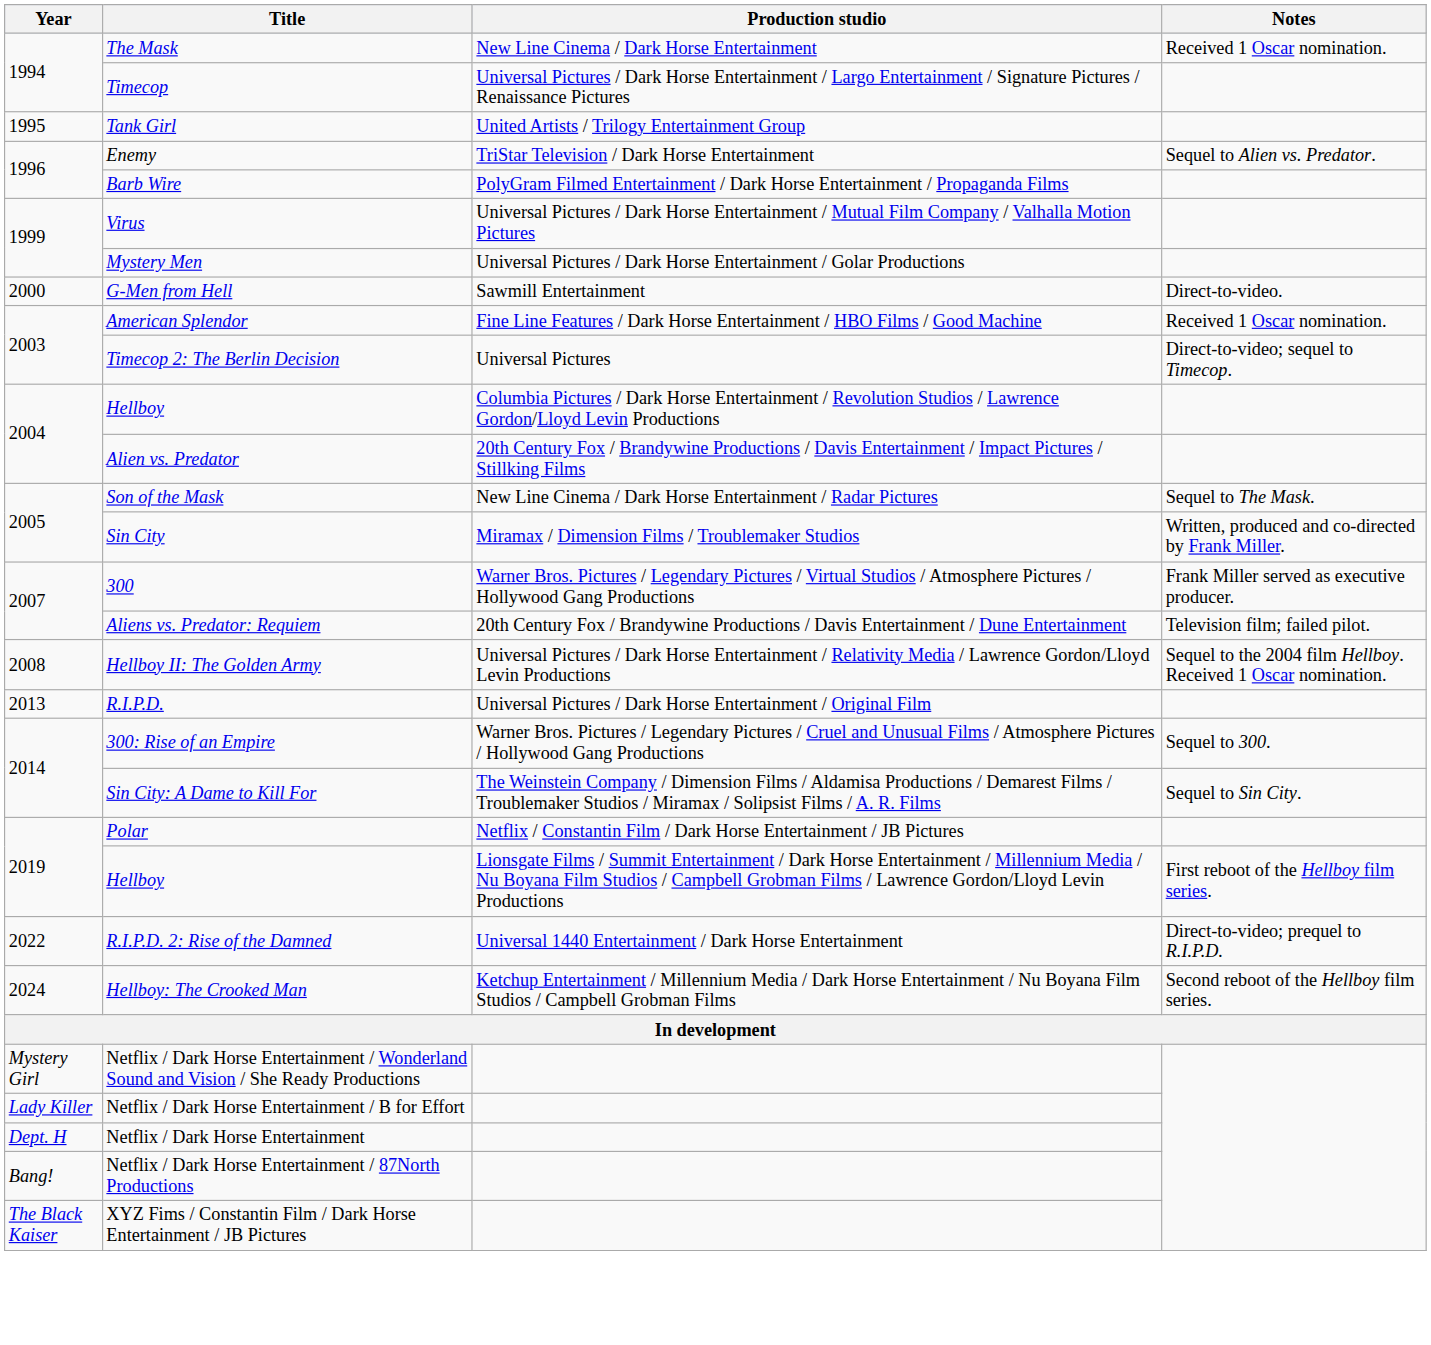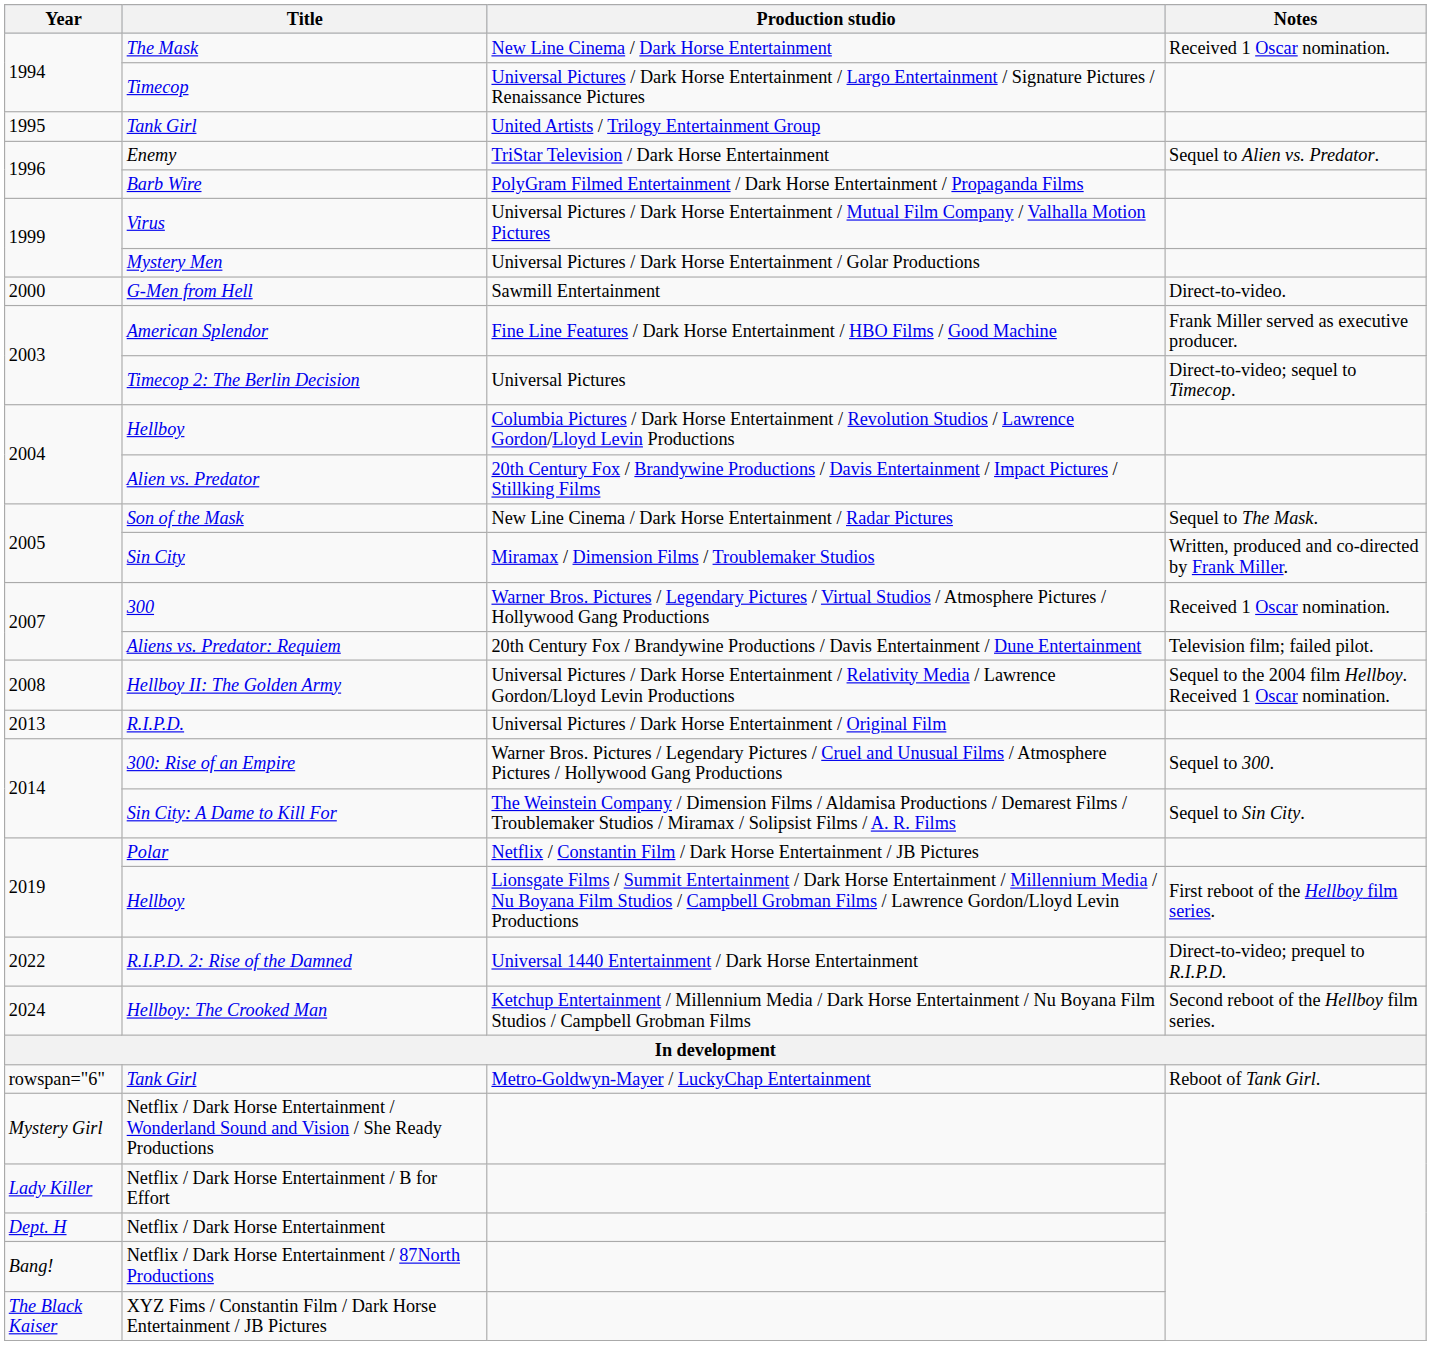 <table class="wikitable sortable">
 <tr style="background:#b0c4de;">
 <th>Year</th>
 <th>Title</th>
 <th>Production studio</th>
 <th>Notes</th>
 </tr>
 <tr>
 <td rowspan="2">1994</td>
 <td><em><a href='#'>The Mask</a></em></td>
 <td><a href='#'>New Line Cinema</a> / <a href='#'>Dark Horse Entertainment</a></td>
 <td>Received 1 <a href='#'>Oscar</a> nomination.</td>
 </tr>
 <tr>
 <td><em><a href='#'>Timecop</a></em></td>
 <td><a href='#'>Universal Pictures</a> / Dark Horse Entertainment / <a href='#'>Largo Entertainment</a> / Signature Pictures / Renaissance Pictures</td>
 <td></td>
 </tr>
 <tr>
 <td>1995</td>
 <td><em><a href='#'>Tank Girl</a></em></td>
 <td><a href='#'>United Artists</a> / <a href='#'>Trilogy Entertainment Group</a></td>
 <td></td>
 </tr>
 <tr>
 <td rowspan="2">1996</td>
 <td><em>Enemy</em></td>
 <td><a href='#'>TriStar Television</a> / Dark Horse Entertainment</td>
 <td>Sequel to <em>Alien vs. Predator</em>.</td>
 </tr>
 <tr>
 <td><em><a href='#'>Barb Wire</a></em></td>
 <td><a href='#'>PolyGram Filmed Entertainment</a> / Dark Horse Entertainment / <a href='#'>Propaganda Films</a></td>
 <td></td>
 </tr>
 <tr>
 <td rowspan="2">1999</td>
 <td><em><a href='#'>Virus</a></em></td>
 <td>Universal Pictures / Dark Horse Entertainment / <a href='#'>Mutual Film Company</a> / <a href='#'>Valhalla Motion Pictures</a></td>
 <td></td>
 </tr>
 <tr>
 <td><em><a href='#'>Mystery Men</a></em></td>
 <td>Universal Pictures / Dark Horse Entertainment / Golar Productions</td>
 <td></td>
 </tr>
 <tr>
 <td>2000</td>
 <td><em><a href='#'>G-Men from Hell</a></em></td>
 <td>Sawmill Entertainment</td>
 <td>Direct-to-video.</td>
 </tr>
 <tr>
 <td rowspan="2">2003</td>
 <td><em><a href='#'>American Splendor</a></em></td>
 <td><a href='#'>Fine Line Features</a> / Dark Horse Entertainment / <a href='#'>HBO Films</a>  / <a href='#'>Good Machine</a></td>
-<td>Received 1 <a href='#'>Oscar</a> nomination.</td>
+<td>Frank Miller served as executive producer.</td>
 </tr>
 <tr>
 <td><em><a href='#'>Timecop 2: The Berlin Decision</a></em></td>
 <td>Universal Pictures</td>
 <td>Direct-to-video; sequel to <em>Timecop</em>.</td>
 </tr>
 <tr>
 <td rowspan="2">2004</td>
 <td><em><a href='#'>Hellboy</a></em></td>
 <td><a href='#'>Columbia Pictures</a> / Dark Horse Entertainment / <a href='#'>Revolution Studios</a> / <a href='#'>Lawrence Gordon</a>/<a href='#'>Lloyd Levin</a> Productions</td>
 <td></td>
 </tr>
 <tr>
 <td><em><a href='#'>Alien vs. Predator</a></em></td>
 <td><a href='#'>20th Century Fox</a> / <a href='#'>Brandywine Productions</a> / <a href='#'>Davis Entertainment</a> / <a href='#'>Impact Pictures</a> / <a href='#'>Stillking Films</a></td>
 <td></td>
 </tr>
 <tr>
 <td rowspan="2">2005</td>
 <td><em><a href='#'>Son of the Mask</a></em></td>
 <td>New Line Cinema / Dark Horse Entertainment / <a href='#'>Radar Pictures</a></td>
 <td>Sequel to <em>The Mask</em>.</td>
 </tr>
 <tr>
 <td><em><a href='#'>Sin City</a></em></td>
 <td><a href='#'>Miramax</a> / <a href='#'>Dimension Films</a> / <a href='#'>Troublemaker Studios</a></td>
 <td>Written, produced and co-directed by <a href='#'>Frank Miller</a>.</td>
 </tr>
 <tr>
 <td rowspan="2">2007</td>
 <td><em><a href='#'>300</a></em></td>
 <td><a href='#'>Warner Bros. Pictures</a> / <a href='#'>Legendary Pictures</a> / <a href='#'>Virtual Studios</a> / Atmosphere Pictures / Hollywood Gang Productions</td>
-<td>Frank Miller served as executive producer.</td>
+<td>Received 1 <a href='#'>Oscar</a> nomination.</td>
 </tr>
 <tr>
 <td><em><a href='#'>Aliens vs. Predator: Requiem</a></em></td>
 <td>20th Century Fox / Brandywine Productions / Davis Entertainment / <a href='#'>Dune Entertainment</a></td>
 <td>Television film; failed pilot.</td>
 </tr>
 <tr>
 <td>2008</td>
 <td><em><a href='#'>Hellboy II: The Golden Army</a></em></td>
 <td>Universal Pictures / Dark Horse Entertainment / <a href='#'>Relativity Media</a> / Lawrence Gordon/Lloyd Levin Productions</td>
 <td>Sequel to the 2004 film <em>Hellboy</em>. Received 1 <a href='#'>Oscar</a> nomination.</td>
 </tr>
 <tr>
 <td>2013</td>
 <td><em><a href='#'>R.I.P.D.</a></em></td>
 <td>Universal Pictures / Dark Horse Entertainment / <a href='#'>Original Film</a></td>
 <td></td>
 </tr>
 <tr>
 <td rowspan="2">2014</td>
 <td><em><a href='#'>300: Rise of an Empire</a></em></td>
 <td>Warner Bros. Pictures / Legendary Pictures / <a href='#'>Cruel and Unusual Films</a> / Atmosphere Pictures / Hollywood Gang Productions</td>
 <td>Sequel to <em>300</em>.</td>
 </tr>
 <tr>
 <td><em><a href='#'>Sin City: A Dame to Kill For</a></em></td>
 <td><a href='#'>The Weinstein Company</a> / Dimension Films / Aldamisa Productions / Demarest Films / Troublemaker Studios / Miramax / Solipsist Films / <a href='#'>A. R. Films</a></td>
 <td>Sequel to <em>Sin City</em>.</td>
 </tr>
 <tr>
 <td rowspan="2">2019</td>
 <td><em><a href='#'>Polar</a></em></td>
 <td><a href='#'>Netflix</a> / <a href='#'>Constantin Film</a> / Dark Horse Entertainment / JB Pictures</td>
 <td></td>
 </tr>
 <tr>
 <td><em><a href='#'>Hellboy</a></em></td>
 <td><a href='#'>Lionsgate Films</a> / <a href='#'>Summit Entertainment</a> / Dark Horse Entertainment / <a href='#'>Millennium Media</a> / <a href='#'>Nu Boyana Film Studios</a> / <a href='#'>Campbell Grobman Films</a> / Lawrence Gordon/Lloyd Levin Productions</td>
 <td>First reboot of the <a href='#'><em>Hellboy</em> film series</a>.</td>
 </tr>
 <tr>
 <td>2022</td>
 <td><em><a href='#'>R.I.P.D. 2: Rise of the Damned</a></em></td>
 <td><a href='#'>Universal 1440 Entertainment</a> / Dark Horse Entertainment</td>
 <td>Direct-to-video; prequel to <em>R.I.P.D.</em></td>
 </tr>
 <tr>
 <td>2024</td>
 <td><em><a href='#'>Hellboy: The Crooked Man</a></em></td>
 <td><a href='#'>Ketchup Entertainment</a> / Millennium Media / Dark Horse Entertainment / Nu Boyana Film Studios / Campbell Grobman Films</td>
 <td>Second reboot of the <em>Hellboy</em> film series.</td>
 </tr>
 <tr>
 <th colspan="4" style="background:#white;">In development</th>
 </tr>
 <tr>
+<td>rowspan="6" </td>
+<td><em><a href='#'>Tank Girl</a></em></td>
+<td><a href='#'>Metro-Goldwyn-Mayer</a> / <a href='#'>LuckyChap Entertainment</a></td>
+<td>Reboot  of <em>Tank Girl</em>.</td>
+</tr>
+<tr>
 <td><em>Mystery Girl</em></td>
 <td>Netflix / Dark Horse Entertainment / <a href='#'>Wonderland Sound and Vision</a> / She Ready Productions</td>
 <td></td>
 </tr>
 <tr>
 <td><em><a href='#'>Lady Killer</a></em></td>
 <td>Netflix / Dark Horse Entertainment / B for Effort</td>
 <td></td>
 </tr>
 <tr>
 <td><em><a href='#'>Dept. H</a></em></td>
 <td>Netflix / Dark Horse Entertainment</td>
 <td></td>
 </tr>
 <tr>
 <td><em>Bang!</em></td>
 <td>Netflix / Dark Horse Entertainment / <a href='#'>87North Productions</a></td>
 <td></td>
 </tr>
 <tr>
 <td><em><a href='#'>The Black Kaiser</a></em></td>
 <td>XYZ Fims / Constantin Film / Dark Horse Entertainment / JB Pictures</td>
 <td></td>
 </tr>
 <tr>
 </tr>
 </table>
